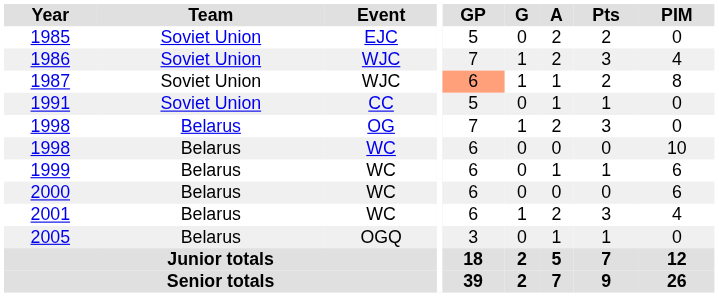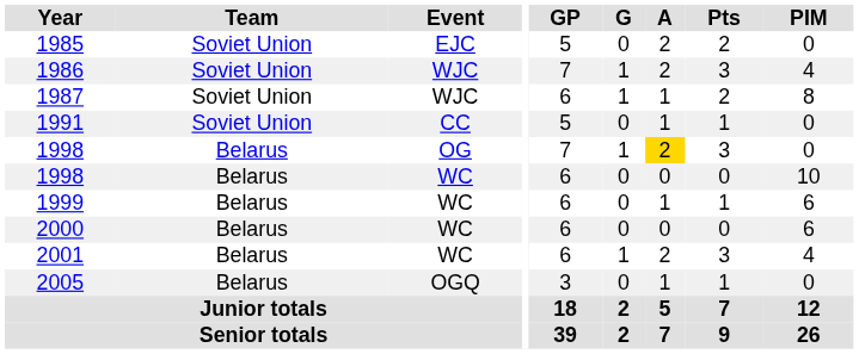 <table border="0" cellpadding="1" cellspacing="0" ID="Table3" style="text-align:center; width:40em">
 <tr ALIGN="center" bgcolor="#e0e0e0">
 <th>Year</th>
 <th>Team</th>
 <th>Event</th>
 <th rowspan="99" bgcolor="#ffffff"></th>
 <th>GP</th>
 <th>G</th>
 <th>A</th>
 <th>Pts</th>
 <th>PIM</th>
 </tr>
 <tr>
 <td><a href='#'>1985</a></td>
 <td><a href='#'>Soviet Union</a></td>
 <td><a href='#'>EJC</a></td>
 <td>5</td>
 <td>0</td>
 <td>2</td>
 <td>2</td>
 <td>0</td>
 </tr>
 <tr bgcolor="#f0f0f0">
 <td><a href='#'>1986</a></td>
 <td><a href='#'>Soviet Union</a></td>
 <td><a href='#'>WJC</a></td>
 <td>7</td>
 <td>1</td>
 <td>2</td>
 <td>3</td>
 <td>4</td>
 </tr>
 <tr>
 <td><a href='#'>1987</a></td>
 <td>Soviet Union</td>
 <td>WJC</td>
-<td style="background: lightsalmon;">6</td>
+<td>6</td>
 <td>1</td>
 <td>1</td>
 <td>2</td>
 <td>8</td>
 </tr>
 <tr bgcolor="#f0f0f0">
 <td><a href='#'>1991</a></td>
 <td><a href='#'>Soviet Union</a></td>
 <td><a href='#'>CC</a></td>
 <td>5</td>
 <td>0</td>
 <td>1</td>
 <td>1</td>
 <td>0</td>
 </tr>
 <tr>
 <td><a href='#'>1998</a></td>
 <td><a href='#'>Belarus</a></td>
 <td><a href='#'>OG</a></td>
 <td>7</td>
 <td>1</td>
-<td>2</td>
+<td style="background: gold;">2</td>
 <td>3</td>
 <td>0</td>
 </tr>
 <tr bgcolor="#f0f0f0">
 <td><a href='#'>1998</a></td>
 <td>Belarus</td>
 <td><a href='#'>WC</a></td>
 <td>6</td>
 <td>0</td>
 <td>0</td>
 <td>0</td>
 <td>10</td>
 </tr>
 <tr>
 <td><a href='#'>1999</a></td>
 <td>Belarus</td>
 <td>WC</td>
 <td>6</td>
 <td>0</td>
 <td>1</td>
 <td>1</td>
 <td>6</td>
 </tr>
 <tr bgcolor="#f0f0f0">
 <td><a href='#'>2000</a></td>
 <td>Belarus</td>
 <td>WC</td>
 <td>6</td>
 <td>0</td>
 <td>0</td>
 <td>0</td>
 <td>6</td>
 </tr>
 <tr>
 <td><a href='#'>2001</a></td>
 <td>Belarus</td>
 <td>WC</td>
 <td>6</td>
 <td>1</td>
 <td>2</td>
 <td>3</td>
 <td>4</td>
 </tr>
 <tr bgcolor="#f0f0f0">
 <td><a href='#'>2005</a></td>
 <td>Belarus</td>
 <td>OGQ</td>
 <td>3</td>
 <td>0</td>
 <td>1</td>
 <td>1</td>
 <td>0</td>
 </tr>
 <tr bgcolor="#e0e0e0">
 <th colspan="3">Junior totals</th>
 <th>18</th>
 <th>2</th>
 <th>5</th>
 <th>7</th>
 <th>12</th>
 </tr>
 <tr bgcolor="#e0e0e0">
 <th colspan="3">Senior totals</th>
 <th>39</th>
 <th>2</th>
 <th>7</th>
 <th>9</th>
 <th>26</th>
 </tr>
 </table>
